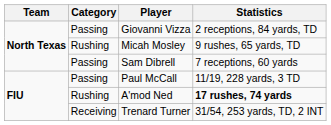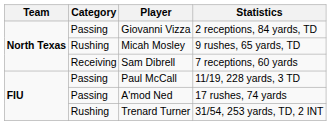 <table class="wikitable" style="float: left;">
 <tr>
 <th>Team</th>
 <th>Category</th>
 <th>Player</th>
 <th>Statistics</th>
 </tr>
 <tr>
 <td rowspan=3><strong>North Texas</strong></td>
 <td>Passing</td>
 <td>Giovanni Vizza</td>
 <td>2 receptions, 84 yards, TD</td>
 </tr>
 <tr>
 <td>Rushing</td>
 <td>Micah Mosley</td>
 <td>9 rushes, 65 yards, TD</td>
 </tr>
 <tr>
-<td>Passing</td>
+<td>Receiving</td>
 <td>Sam Dibrell</td>
 <td>7 receptions, 60 yards</td>
 </tr>
 <tr>
 <td rowspan=3><strong>FIU</strong></td>
 <td>Passing</td>
 <td>Paul McCall</td>
 <td>11/19, 228 yards, 3 TD</td>
 </tr>
 <tr>
-<td>Rushing</td>
+<td>Passing</td>
 <td>A'mod Ned</td>
-<td><strong>17 rushes, 74 yards</strong></td>
+<td>17 rushes, 74 yards</td>
 </tr>
 <tr>
-<td>Receiving</td>
+<td>Rushing</td>
 <td>Trenard Turner</td>
 <td>31/54, 253 yards, TD, 2 INT</td>
 </tr>
 </table>
